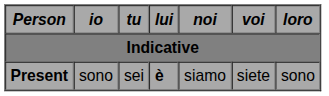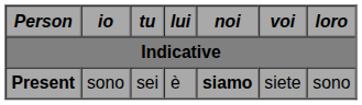 <table border="1" cellpadding="4" cellspacing="0" style="background: darkgray; font-size: 90%;">
 <tr>
 <th><em>Person</em></th>
 <th><em>io</em></th>
 <th><em>tu</em></th>
 <th><em>lui</em></th>
 <th><em>noi</em></th>
 <th><em>voi</em></th>
 <th><em>loro</em></th>
 </tr>
 <tr>
 <th style="background:gray" colspan="7">Indicative</th>
 </tr>
 <tr>
 <td><strong>Present</strong></td>
 <td>sono</td>
 <td>sei</td>
-<td><strong>è</strong></td>
-<td>siamo</td>
+<td>è</td>
+<td><strong>siamo</strong></td>
 <td>siete</td>
 <td>sono</td>
 </tr>
 <tr>
 </tr>
 </table>
